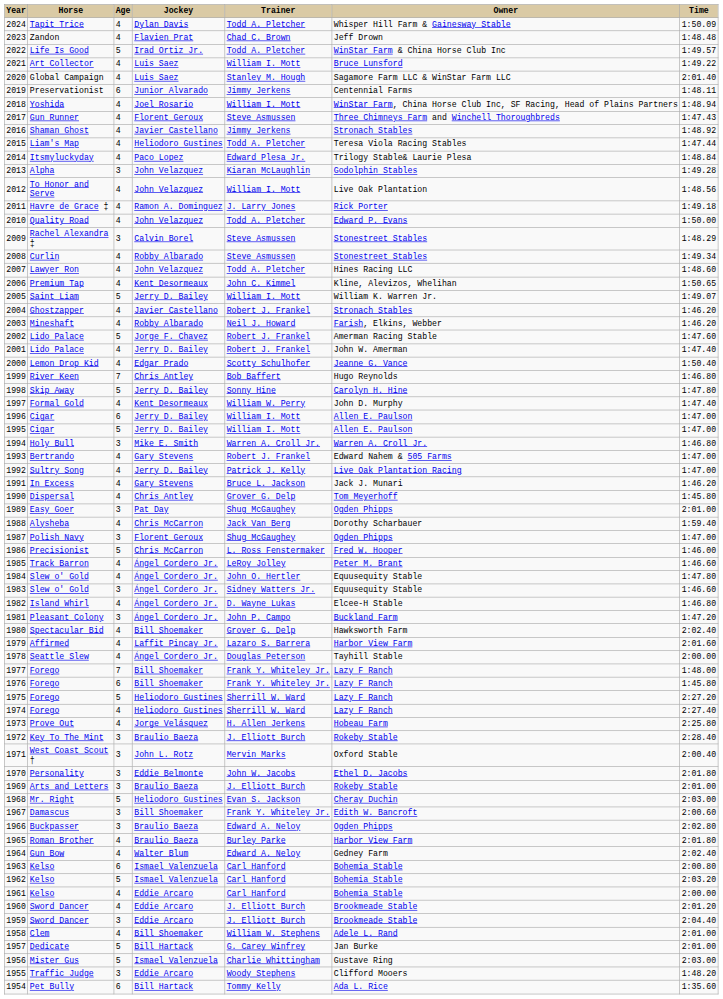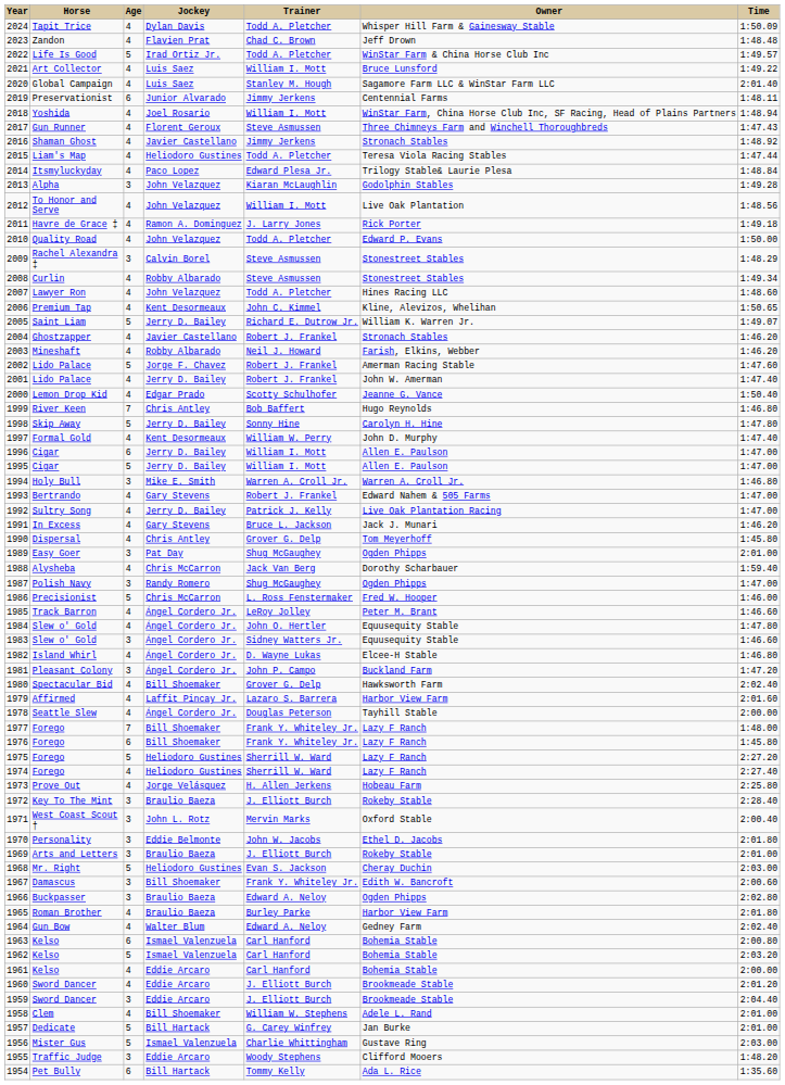 <table class="wikitable sortable">
 <tr>
 <th style="background-color:#DACAA5">Year</th>
 <th style="background-color:#DACAA5; width:130px">Horse</th>
 <th style="background-color:#DACAA5">Age</th>
 <th style="background-color:#DACAA5">Jockey</th>
 <th style="background-color:#DACAA5">Trainer</th>
 <th style="background-color:#DACAA5">Owner</th>
 <th style="background-color:#DACAA5">Time</th>
 </tr>
 <tr>
 <td>2024</td>
 <td><a href='#'>Tapit Trice</a></td>
 <td>4</td>
 <td><a href='#'>Dylan Davis</a></td>
 <td><a href='#'>Todd A. Pletcher</a></td>
 <td>Whisper Hill Farm & <a href='#'>Gainesway Stable</a></td>
 <td>1:50.09</td>
 </tr>
 <tr>
 <td>2023</td>
 <td>Zandon</td>
 <td>4</td>
 <td><a href='#'>Flavien Prat</a></td>
 <td><a href='#'>Chad C. Brown</a></td>
 <td>Jeff Drown</td>
 <td>1:48.48</td>
 </tr>
 <tr>
 <td>2022</td>
 <td><a href='#'>Life Is Good</a></td>
 <td>5</td>
 <td><a href='#'>Irad Ortiz Jr.</a></td>
 <td><a href='#'>Todd A. Pletcher</a></td>
 <td><a href='#'>WinStar Farm</a> & China Horse Club Inc</td>
 <td>1:49.57</td>
 </tr>
 <tr>
 <td>2021</td>
 <td><a href='#'>Art Collector</a></td>
 <td>4</td>
 <td><a href='#'>Luis Saez</a></td>
 <td><a href='#'>William I. Mott</a></td>
 <td><a href='#'>Bruce Lunsford</a></td>
 <td>1:49.22</td>
 </tr>
 <tr>
 <td>2020</td>
 <td>Global Campaign</td>
 <td>4</td>
 <td><a href='#'>Luis Saez</a></td>
 <td><a href='#'>Stanley M. Hough</a></td>
 <td>Sagamore Farm LLC & WinStar Farm LLC</td>
 <td>2:01.40</td>
 </tr>
 <tr>
 <td>2019</td>
 <td>Preservationist</td>
 <td>6</td>
 <td><a href='#'>Junior Alvarado</a></td>
 <td><a href='#'>Jimmy Jerkens</a></td>
 <td>Centennial Farms</td>
 <td>1:48.11</td>
 </tr>
 <tr>
 <td>2018</td>
 <td><a href='#'>Yoshida</a></td>
 <td>4</td>
 <td><a href='#'>Joel Rosario</a></td>
 <td><a href='#'>William I. Mott</a></td>
 <td><a href='#'>WinStar Farm</a>, China Horse Club Inc, SF Racing, Head of Plains Partners</td>
 <td>1:48.94</td>
 </tr>
 <tr>
 <td>2017</td>
 <td><a href='#'>Gun Runner</a></td>
 <td>4</td>
 <td><a href='#'>Florent Geroux</a></td>
 <td><a href='#'>Steve Asmussen</a></td>
 <td><a href='#'>Three Chimneys Farm</a> and <a href='#'>Winchell Thoroughbreds</a></td>
 <td>1:47.43</td>
 </tr>
 <tr>
 <td>2016</td>
 <td><a href='#'>Shaman Ghost</a></td>
 <td>4</td>
 <td><a href='#'>Javier Castellano</a></td>
 <td><a href='#'>Jimmy Jerkens</a></td>
 <td><a href='#'>Stronach Stables</a></td>
 <td>1:48.92</td>
 </tr>
 <tr>
 <td>2015</td>
 <td><a href='#'>Liam's Map</a></td>
 <td>4</td>
 <td><a href='#'>Heliodoro Gustines</a></td>
 <td><a href='#'>Todd A. Pletcher</a></td>
 <td>Teresa Viola Racing Stables</td>
 <td>1:47.44</td>
 </tr>
 <tr>
 <td>2014</td>
 <td><a href='#'>Itsmyluckyday</a></td>
 <td>4</td>
 <td><a href='#'>Paco Lopez</a></td>
 <td><a href='#'>Edward Plesa Jr.</a></td>
 <td>Trilogy Stable& Laurie Plesa</td>
 <td>1:48.84</td>
 </tr>
 <tr>
 <td>2013</td>
 <td><a href='#'>Alpha</a></td>
 <td>3</td>
 <td><a href='#'>John Velazquez</a></td>
 <td><a href='#'>Kiaran McLaughlin</a></td>
 <td><a href='#'>Godolphin Stables</a></td>
 <td>1:49.28</td>
 </tr>
 <tr>
 <td>2012</td>
 <td><a href='#'>To Honor and Serve</a></td>
 <td>4</td>
 <td><a href='#'>John Velazquez</a></td>
 <td><a href='#'>William I. Mott</a></td>
 <td>Live Oak Plantation</td>
 <td>1:48.56</td>
 </tr>
 <tr>
 <td>2011</td>
 <td><a href='#'>Havre de Grace</a> ‡</td>
 <td>4</td>
 <td><a href='#'>Ramon A. Dominguez</a></td>
 <td><a href='#'>J. Larry Jones</a></td>
 <td><a href='#'>Rick Porter</a></td>
 <td>1:49.18</td>
 </tr>
 <tr>
 <td>2010</td>
 <td><a href='#'>Quality Road</a></td>
 <td>4</td>
 <td><a href='#'>John Velazquez</a></td>
 <td><a href='#'>Todd A. Pletcher</a></td>
 <td><a href='#'>Edward P. Evans</a></td>
 <td>1:50.00</td>
 </tr>
 <tr>
 <td>2009</td>
 <td><a href='#'>Rachel Alexandra</a> ‡</td>
 <td>3</td>
 <td><a href='#'>Calvin Borel</a></td>
 <td><a href='#'>Steve Asmussen</a></td>
 <td><a href='#'>Stonestreet Stables</a></td>
 <td>1:48.29</td>
 </tr>
 <tr>
 <td>2008</td>
 <td><a href='#'>Curlin</a></td>
 <td>4</td>
 <td><a href='#'>Robby Albarado</a></td>
 <td><a href='#'>Steve Asmussen</a></td>
 <td><a href='#'>Stonestreet Stables</a></td>
 <td>1:49.34</td>
 </tr>
 <tr>
 <td>2007</td>
 <td><a href='#'>Lawyer Ron</a></td>
 <td>4</td>
 <td><a href='#'>John Velazquez</a></td>
 <td><a href='#'>Todd A. Pletcher</a></td>
 <td>Hines Racing LLC</td>
 <td>1:48.60</td>
 </tr>
 <tr>
 <td>2006</td>
 <td><a href='#'>Premium Tap</a></td>
 <td>4</td>
 <td><a href='#'>Kent Desormeaux</a></td>
 <td><a href='#'>John C. Kimmel</a></td>
 <td>Kline, Alevizos, Whelihan</td>
 <td>1:50.65</td>
 </tr>
 <tr>
 <td>2005</td>
 <td><a href='#'>Saint Liam</a></td>
 <td>5</td>
 <td><a href='#'>Jerry D. Bailey</a></td>
-<td><a href='#'>William I. Mott</a></td>
+<td><a href='#'>Richard E. Dutrow Jr.</a></td>
 <td>William K. Warren Jr.</td>
 <td>1:49.07</td>
 </tr>
 <tr>
 <td>2004</td>
 <td><a href='#'>Ghostzapper</a></td>
 <td>4</td>
 <td><a href='#'>Javier Castellano</a></td>
 <td><a href='#'>Robert J. Frankel</a></td>
 <td><a href='#'>Stronach Stables</a></td>
 <td>1:46.20</td>
 </tr>
 <tr>
 <td>2003</td>
 <td><a href='#'>Mineshaft</a></td>
 <td>4</td>
 <td><a href='#'>Robby Albarado</a></td>
 <td><a href='#'>Neil J. Howard</a></td>
 <td><a href='#'>Farish</a>, Elkins, Webber</td>
 <td>1:46.20</td>
 </tr>
 <tr>
 <td>2002</td>
 <td><a href='#'>Lido Palace</a></td>
 <td>5</td>
 <td><a href='#'>Jorge F. Chavez</a></td>
 <td><a href='#'>Robert J. Frankel</a></td>
 <td>Amerman Racing Stable</td>
 <td>1:47.60</td>
 </tr>
 <tr>
 <td>2001</td>
 <td><a href='#'>Lido Palace</a></td>
 <td>4</td>
 <td><a href='#'>Jerry D. Bailey</a></td>
 <td><a href='#'>Robert J. Frankel</a></td>
 <td>John W. Amerman</td>
 <td>1:47.40</td>
 </tr>
 <tr>
 <td>2000</td>
 <td><a href='#'>Lemon Drop Kid</a></td>
 <td>4</td>
 <td><a href='#'>Edgar Prado</a></td>
 <td><a href='#'>Scotty Schulhofer</a></td>
 <td><a href='#'>Jeanne G. Vance</a></td>
 <td>1:50.40</td>
 </tr>
 <tr>
 <td>1999</td>
 <td><a href='#'>River Keen</a></td>
 <td>7</td>
 <td><a href='#'>Chris Antley</a></td>
 <td><a href='#'>Bob Baffert</a></td>
 <td>Hugo Reynolds</td>
 <td>1:46.80</td>
 </tr>
 <tr>
 <td>1998</td>
 <td><a href='#'>Skip Away</a></td>
 <td>5</td>
 <td><a href='#'>Jerry D. Bailey</a></td>
 <td><a href='#'>Sonny Hine</a></td>
 <td><a href='#'>Carolyn H. Hine</a></td>
 <td>1:47.80</td>
 </tr>
 <tr>
 <td>1997</td>
 <td><a href='#'>Formal Gold</a></td>
 <td>4</td>
 <td><a href='#'>Kent Desormeaux</a></td>
 <td><a href='#'>William W. Perry</a></td>
 <td>John D. Murphy</td>
 <td>1:47.40</td>
 </tr>
 <tr>
 <td>1996</td>
 <td><a href='#'>Cigar</a></td>
 <td>6</td>
 <td><a href='#'>Jerry D. Bailey</a></td>
 <td><a href='#'>William I. Mott</a></td>
 <td><a href='#'>Allen E. Paulson</a></td>
 <td>1:47.00</td>
 </tr>
 <tr>
 <td>1995</td>
 <td><a href='#'>Cigar</a></td>
 <td>5</td>
 <td><a href='#'>Jerry D. Bailey</a></td>
 <td><a href='#'>William I. Mott</a></td>
 <td><a href='#'>Allen E. Paulson</a></td>
 <td>1:47.00</td>
 </tr>
 <tr>
 <td>1994</td>
 <td><a href='#'>Holy Bull</a></td>
 <td>3</td>
 <td><a href='#'>Mike E. Smith</a></td>
 <td><a href='#'>Warren A. Croll Jr.</a></td>
 <td><a href='#'>Warren A. Croll Jr.</a></td>
 <td>1:46.80</td>
 </tr>
 <tr>
 <td>1993</td>
 <td><a href='#'>Bertrando</a></td>
 <td>4</td>
 <td><a href='#'>Gary Stevens</a></td>
 <td><a href='#'>Robert J. Frankel</a></td>
 <td>Edward Nahem & <a href='#'>505 Farms</a></td>
 <td>1:47.00</td>
 </tr>
 <tr>
 <td>1992</td>
 <td><a href='#'>Sultry Song</a></td>
 <td>4</td>
 <td><a href='#'>Jerry D. Bailey</a></td>
 <td><a href='#'>Patrick J. Kelly</a></td>
 <td><a href='#'>Live Oak Plantation Racing</a></td>
 <td>1:47.00</td>
 </tr>
 <tr>
 <td>1991</td>
 <td><a href='#'>In Excess</a></td>
 <td>4</td>
 <td><a href='#'>Gary Stevens</a></td>
 <td><a href='#'>Bruce L. Jackson</a></td>
 <td>Jack J. Munari</td>
 <td>1:46.20</td>
 </tr>
 <tr>
 <td>1990</td>
 <td><a href='#'>Dispersal</a></td>
 <td>4</td>
 <td><a href='#'>Chris Antley</a></td>
 <td><a href='#'>Grover G. Delp</a></td>
 <td><a href='#'>Tom Meyerhoff</a></td>
 <td>1:45.80</td>
 </tr>
 <tr>
 <td>1989</td>
 <td><a href='#'>Easy Goer</a></td>
 <td>3</td>
 <td><a href='#'>Pat Day</a></td>
 <td><a href='#'>Shug McGaughey</a></td>
 <td><a href='#'>Ogden Phipps</a></td>
 <td>2:01.00</td>
 </tr>
 <tr>
 <td>1988</td>
 <td><a href='#'>Alysheba</a></td>
 <td>4</td>
 <td><a href='#'>Chris McCarron</a></td>
 <td><a href='#'>Jack Van Berg</a></td>
 <td>Dorothy Scharbauer</td>
 <td>1:59.40</td>
 </tr>
 <tr>
 <td>1987</td>
 <td><a href='#'>Polish Navy</a></td>
 <td>3</td>
-<td><a href='#'>Florent Geroux</a></td>
+<td><a href='#'>Randy Romero</a></td>
 <td><a href='#'>Shug McGaughey</a></td>
 <td><a href='#'>Ogden Phipps</a></td>
 <td>1:47.00</td>
 </tr>
 <tr>
 <td>1986</td>
 <td><a href='#'>Precisionist</a></td>
 <td>5</td>
 <td><a href='#'>Chris McCarron</a></td>
 <td><a href='#'>L. Ross Fenstermaker</a></td>
 <td><a href='#'>Fred W. Hooper</a></td>
 <td>1:46.00</td>
 </tr>
 <tr>
 <td>1985</td>
 <td><a href='#'>Track Barron</a></td>
 <td>4</td>
 <td><a href='#'>Ángel Cordero Jr.</a></td>
 <td><a href='#'>LeRoy Jolley</a></td>
 <td><a href='#'>Peter M. Brant</a></td>
 <td>1:46.60</td>
 </tr>
 <tr>
 <td>1984</td>
 <td><a href='#'>Slew o' Gold</a></td>
 <td>4</td>
 <td><a href='#'>Ángel Cordero Jr.</a></td>
 <td><a href='#'>John O. Hertler</a></td>
 <td>Equusequity Stable</td>
 <td>1:47.80</td>
 </tr>
 <tr>
 <td>1983</td>
 <td><a href='#'>Slew o' Gold</a></td>
 <td>3</td>
 <td><a href='#'>Ángel Cordero Jr.</a></td>
 <td><a href='#'>Sidney Watters Jr.</a></td>
 <td>Equusequity Stable</td>
 <td>1:46.60</td>
 </tr>
 <tr>
 <td>1982</td>
 <td><a href='#'>Island Whirl</a></td>
 <td>4</td>
 <td><a href='#'>Ángel Cordero Jr.</a></td>
 <td><a href='#'>D. Wayne Lukas</a></td>
 <td>Elcee-H Stable</td>
 <td>1:46.80</td>
 </tr>
 <tr>
 <td>1981</td>
 <td><a href='#'>Pleasant Colony</a></td>
 <td>3</td>
 <td><a href='#'>Ángel Cordero Jr.</a></td>
 <td><a href='#'>John P. Campo</a></td>
 <td><a href='#'>Buckland Farm</a></td>
 <td>1:47.20</td>
 </tr>
 <tr>
 <td>1980</td>
 <td><a href='#'>Spectacular Bid</a></td>
 <td>4</td>
 <td><a href='#'>Bill Shoemaker</a></td>
 <td><a href='#'>Grover G. Delp</a></td>
 <td>Hawksworth Farm</td>
 <td>2:02.40</td>
 </tr>
 <tr>
 <td>1979</td>
 <td><a href='#'>Affirmed</a></td>
 <td>4</td>
 <td><a href='#'>Laffit Pincay Jr.</a></td>
 <td><a href='#'>Lazaro S. Barrera</a></td>
 <td><a href='#'>Harbor View Farm</a></td>
 <td>2:01.60</td>
 </tr>
 <tr>
 <td>1978</td>
 <td><a href='#'>Seattle Slew</a></td>
 <td>4</td>
 <td><a href='#'>Ángel Cordero Jr.</a></td>
 <td><a href='#'>Douglas Peterson</a></td>
 <td>Tayhill Stable</td>
 <td>2:00.00</td>
 </tr>
 <tr>
 <td>1977</td>
 <td><a href='#'>Forego</a></td>
 <td>7</td>
 <td><a href='#'>Bill Shoemaker</a></td>
 <td><a href='#'>Frank Y. Whiteley Jr.</a></td>
 <td><a href='#'>Lazy F Ranch</a></td>
 <td>1:48.00</td>
 </tr>
 <tr>
 <td>1976</td>
 <td><a href='#'>Forego</a></td>
 <td>6</td>
 <td><a href='#'>Bill Shoemaker</a></td>
 <td><a href='#'>Frank Y. Whiteley Jr.</a></td>
 <td><a href='#'>Lazy F Ranch</a></td>
 <td>1:45.80</td>
 </tr>
 <tr>
 <td>1975</td>
 <td><a href='#'>Forego</a></td>
 <td>5</td>
 <td><a href='#'>Heliodoro Gustines</a></td>
 <td><a href='#'>Sherrill W. Ward</a></td>
 <td><a href='#'>Lazy F Ranch</a></td>
 <td>2:27.20</td>
 </tr>
 <tr>
 <td>1974</td>
 <td><a href='#'>Forego</a></td>
 <td>4</td>
 <td><a href='#'>Heliodoro Gustines</a></td>
 <td><a href='#'>Sherrill W. Ward</a></td>
 <td><a href='#'>Lazy F Ranch</a></td>
 <td>2:27.40</td>
 </tr>
 <tr>
 <td>1973</td>
 <td><a href='#'>Prove Out</a></td>
 <td>4</td>
 <td><a href='#'>Jorge Velásquez</a></td>
 <td><a href='#'>H. Allen Jerkens</a></td>
 <td><a href='#'>Hobeau Farm</a></td>
 <td>2:25.80</td>
 </tr>
 <tr>
 <td>1972</td>
 <td><a href='#'>Key To The Mint</a></td>
 <td>3</td>
 <td><a href='#'>Braulio Baeza</a></td>
 <td><a href='#'>J. Elliott Burch</a></td>
 <td><a href='#'>Rokeby Stable</a></td>
 <td>2:28.40</td>
 </tr>
 <tr>
 <td>1971</td>
 <td><a href='#'>West Coast Scout</a> †</td>
 <td>3</td>
 <td><a href='#'>John L. Rotz</a></td>
 <td><a href='#'>Mervin Marks</a></td>
 <td>Oxford Stable</td>
 <td>2:00.40</td>
 </tr>
 <tr>
 <td>1970</td>
 <td><a href='#'>Personality</a></td>
 <td>3</td>
 <td><a href='#'>Eddie Belmonte</a></td>
 <td><a href='#'>John W. Jacobs</a></td>
 <td><a href='#'>Ethel D. Jacobs</a></td>
 <td>2:01.80</td>
 </tr>
 <tr>
 <td>1969</td>
 <td><a href='#'>Arts and Letters</a></td>
 <td>3</td>
 <td><a href='#'>Braulio Baeza</a></td>
 <td><a href='#'>J. Elliott Burch</a></td>
 <td><a href='#'>Rokeby Stable</a></td>
 <td>2:01.00</td>
 </tr>
 <tr>
 <td>1968</td>
 <td><a href='#'>Mr. Right</a></td>
 <td>5</td>
 <td><a href='#'>Heliodoro Gustines</a></td>
 <td><a href='#'>Evan S. Jackson</a></td>
 <td><a href='#'>Cheray Duchin</a></td>
 <td>2:03.00</td>
 </tr>
 <tr>
 <td>1967</td>
 <td><a href='#'>Damascus</a></td>
 <td>3</td>
 <td><a href='#'>Bill Shoemaker</a></td>
 <td><a href='#'>Frank Y. Whiteley Jr.</a></td>
 <td><a href='#'>Edith W. Bancroft</a></td>
 <td>2:00.60</td>
 </tr>
 <tr>
 <td>1966</td>
 <td><a href='#'>Buckpasser</a></td>
 <td>3</td>
 <td><a href='#'>Braulio Baeza</a></td>
 <td><a href='#'>Edward A. Neloy</a></td>
 <td><a href='#'>Ogden Phipps</a></td>
 <td>2:02.80</td>
 </tr>
 <tr>
 <td>1965</td>
 <td><a href='#'>Roman Brother</a></td>
 <td>4</td>
 <td><a href='#'>Braulio Baeza</a></td>
 <td><a href='#'>Burley Parke</a></td>
 <td><a href='#'>Harbor View Farm</a></td>
 <td>2:01.80</td>
 </tr>
 <tr>
 <td>1964</td>
 <td><a href='#'>Gun Bow</a></td>
 <td>4</td>
 <td><a href='#'>Walter Blum</a></td>
 <td><a href='#'>Edward A. Neloy</a></td>
 <td>Gedney Farm</td>
 <td>2:02.40</td>
 </tr>
 <tr>
 <td>1963</td>
 <td><a href='#'>Kelso</a></td>
 <td>6</td>
 <td><a href='#'>Ismael Valenzuela</a></td>
 <td><a href='#'>Carl Hanford</a></td>
 <td><a href='#'>Bohemia Stable</a></td>
 <td>2:00.80</td>
 </tr>
 <tr>
 <td>1962</td>
 <td><a href='#'>Kelso</a></td>
 <td>5</td>
 <td><a href='#'>Ismael Valenzuela</a></td>
 <td><a href='#'>Carl Hanford</a></td>
 <td><a href='#'>Bohemia Stable</a></td>
 <td>2:03.20</td>
 </tr>
 <tr>
 <td>1961</td>
 <td><a href='#'>Kelso</a></td>
 <td>4</td>
 <td><a href='#'>Eddie Arcaro</a></td>
 <td><a href='#'>Carl Hanford</a></td>
 <td><a href='#'>Bohemia Stable</a></td>
 <td>2:00.00</td>
 </tr>
 <tr>
 <td>1960</td>
 <td><a href='#'>Sword Dancer</a></td>
 <td>4</td>
 <td><a href='#'>Eddie Arcaro</a></td>
 <td><a href='#'>J. Elliott Burch</a></td>
 <td><a href='#'>Brookmeade Stable</a></td>
 <td>2:01.20</td>
 </tr>
 <tr>
 <td>1959</td>
 <td><a href='#'>Sword Dancer</a></td>
 <td>3</td>
 <td><a href='#'>Eddie Arcaro</a></td>
 <td><a href='#'>J. Elliott Burch</a></td>
 <td><a href='#'>Brookmeade Stable</a></td>
 <td>2:04.40</td>
 </tr>
 <tr>
 <td>1958</td>
 <td><a href='#'>Clem</a></td>
 <td>4</td>
 <td><a href='#'>Bill Shoemaker</a></td>
 <td><a href='#'>William W. Stephens</a></td>
 <td><a href='#'>Adele L. Rand</a></td>
 <td>2:01.00</td>
 </tr>
 <tr>
 <td>1957</td>
 <td><a href='#'>Dedicate</a></td>
 <td>5</td>
 <td><a href='#'>Bill Hartack</a></td>
 <td><a href='#'>G. Carey Winfrey</a></td>
 <td>Jan Burke</td>
 <td>2:01.00</td>
 </tr>
 <tr>
 <td>1956</td>
 <td><a href='#'>Mister Gus</a></td>
 <td>5</td>
 <td><a href='#'>Ismael Valenzuela</a></td>
 <td><a href='#'>Charlie Whittingham</a></td>
 <td>Gustave Ring</td>
 <td>2:03.00</td>
 </tr>
 <tr>
 <td>1955</td>
 <td><a href='#'>Traffic Judge</a></td>
 <td>3</td>
 <td><a href='#'>Eddie Arcaro</a></td>
 <td><a href='#'>Woody Stephens</a></td>
 <td>Clifford Mooers</td>
 <td>1:48.20</td>
 </tr>
 <tr>
 <td>1954</td>
 <td><a href='#'>Pet Bully</a></td>
 <td>6</td>
 <td><a href='#'>Bill Hartack</a></td>
 <td><a href='#'>Tommy Kelly</a></td>
 <td><a href='#'>Ada L. Rice</a></td>
 <td>1:35.60</td>
 </tr>
 </table>
